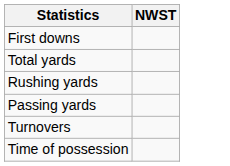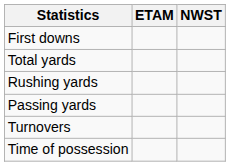 <table class="wikitable" style="float:left">
 <tr>
 <th>Statistics</th>
+<th>ETAM</th>
 <th>NWST</th>
 </tr>
 <tr>
 <td>First downs</td>
 <td></td>
+<td></td>
 </tr>
 <tr>
 <td>Total yards</td>
+<td></td>
 <td></td>
 </tr>
 <tr>
 <td>Rushing yards</td>
 <td></td>
+<td></td>
 </tr>
 <tr>
 <td>Passing yards</td>
+<td></td>
 <td></td>
 </tr>
 <tr>
 <td>Turnovers</td>
 <td></td>
+<td></td>
 </tr>
 <tr>
 <td>Time of possession</td>
 <td></td>
+<td></td>
 </tr>
 </table>
